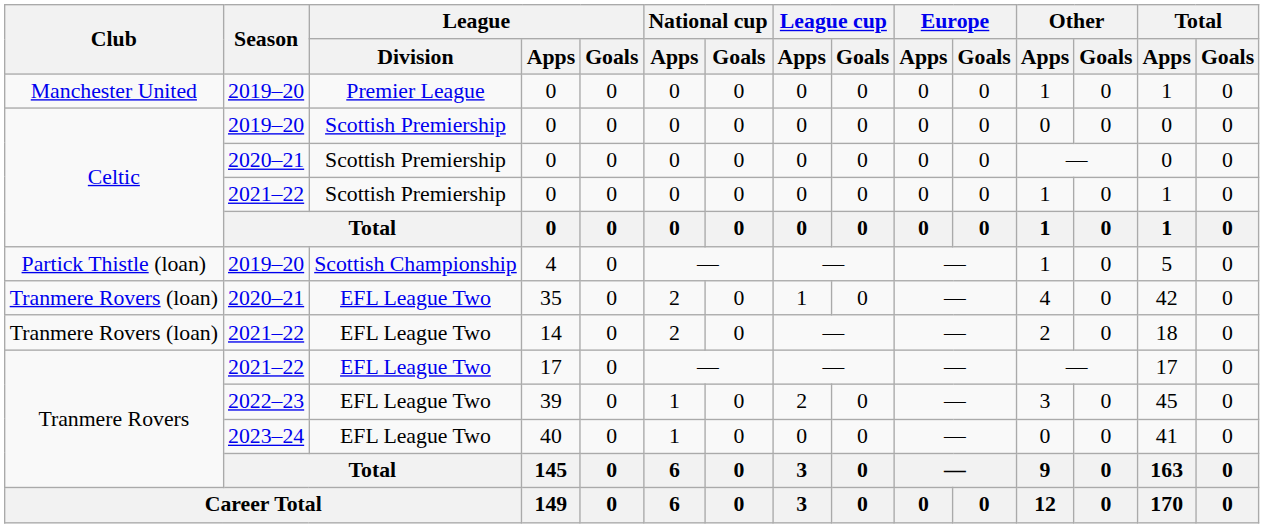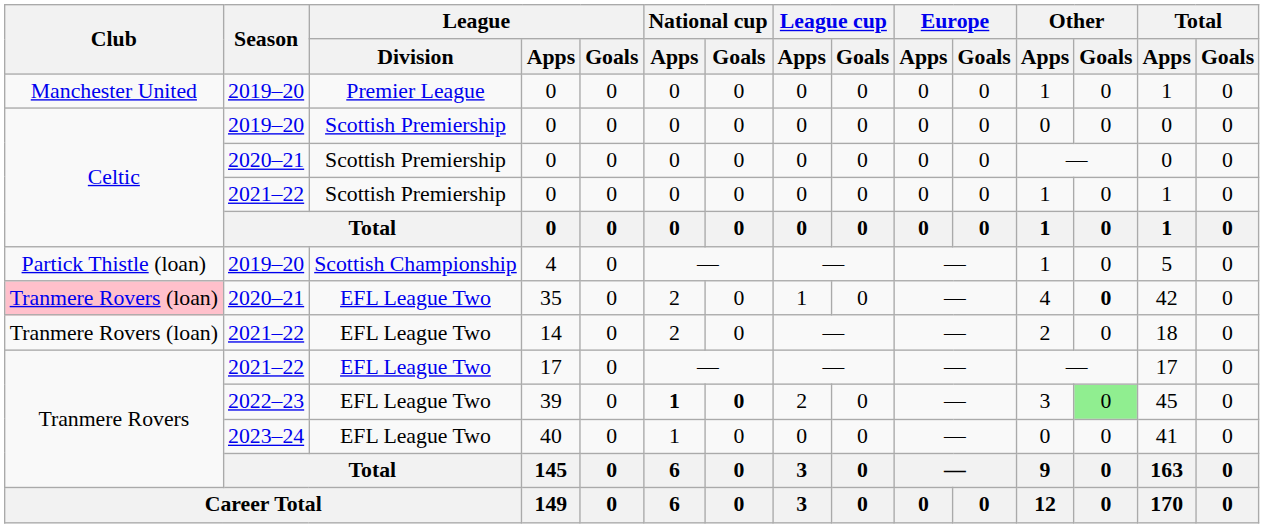 <table class="wikitable" style="text-align:center">
 <tr>
 <th rowspan="2">Club</th>
 <th rowspan="2">Season</th>
 <th colspan="3">League</th>
 <th colspan="2">National cup</th>
 <th colspan="2"><a href='#'>League cup</a></th>
 <th colspan="2"><a href='#'>Europe</a></th>
 <th colspan="2">Other</th>
 <th colspan="2">Total</th>
 </tr>
 <tr>
 <th>Division</th>
 <th>Apps</th>
 <th>Goals</th>
 <th>Apps</th>
 <th>Goals</th>
 <th>Apps</th>
 <th>Goals</th>
 <th>Apps</th>
 <th>Goals</th>
 <th>Apps</th>
 <th>Goals</th>
 <th>Apps</th>
 <th>Goals</th>
 </tr>
 <tr>
 <td><a href='#'>Manchester United</a></td>
 <td><a href='#'>2019–20</a></td>
 <td><a href='#'>Premier League</a></td>
 <td>0</td>
 <td>0</td>
 <td>0</td>
 <td>0</td>
 <td>0</td>
 <td>0</td>
 <td>0</td>
 <td>0</td>
 <td>1</td>
 <td>0</td>
 <td>1</td>
 <td>0</td>
 </tr>
 <tr>
 <td rowspan="4"><a href='#'>Celtic</a></td>
 <td><a href='#'>2019–20</a></td>
 <td><a href='#'>Scottish Premiership</a></td>
 <td>0</td>
 <td>0</td>
 <td>0</td>
 <td>0</td>
 <td>0</td>
 <td>0</td>
 <td>0</td>
 <td>0</td>
 <td>0</td>
 <td>0</td>
 <td>0</td>
 <td>0</td>
 </tr>
 <tr>
 <td><a href='#'>2020–21</a></td>
 <td>Scottish Premiership</td>
 <td>0</td>
 <td>0</td>
 <td>0</td>
 <td>0</td>
 <td>0</td>
 <td>0</td>
 <td>0</td>
 <td>0</td>
 <td colspan="2">—</td>
 <td>0</td>
 <td>0</td>
 </tr>
 <tr>
 <td><a href='#'>2021–22</a></td>
 <td>Scottish Premiership</td>
 <td>0</td>
 <td>0</td>
 <td>0</td>
 <td>0</td>
 <td>0</td>
 <td>0</td>
 <td>0</td>
 <td>0</td>
 <td>1</td>
 <td>0</td>
 <td>1</td>
 <td>0</td>
 </tr>
 <tr>
 <th colspan="2">Total</th>
 <th>0</th>
 <th>0</th>
 <th>0</th>
 <th>0</th>
 <th>0</th>
 <th>0</th>
 <th>0</th>
 <th>0</th>
 <th>1</th>
 <th>0</th>
 <th>1</th>
 <th>0</th>
 </tr>
 <tr>
 <td><a href='#'>Partick Thistle</a> (loan)</td>
 <td><a href='#'>2019–20</a></td>
 <td><a href='#'>Scottish Championship</a></td>
 <td>4</td>
 <td>0</td>
 <td colspan="2">—</td>
 <td colspan="2">—</td>
 <td colspan="2">—</td>
 <td>1</td>
 <td>0</td>
 <td>5</td>
 <td>0</td>
 </tr>
 <tr>
-<td><a href='#'>Tranmere Rovers</a> (loan)</td>
+<td style="background: pink;"><a href='#'>Tranmere Rovers</a> (loan)</td>
 <td><a href='#'>2020–21</a></td>
 <td><a href='#'>EFL League Two</a></td>
 <td>35</td>
 <td>0</td>
 <td>2</td>
 <td>0</td>
 <td>1</td>
 <td>0</td>
 <td colspan="2">—</td>
 <td>4</td>
-<td>0</td>
+<td><strong>0</strong></td>
 <td>42</td>
 <td>0</td>
 </tr>
 <tr>
 <td>Tranmere Rovers (loan)</td>
 <td><a href='#'>2021–22</a></td>
 <td>EFL League Two</td>
 <td>14</td>
 <td>0</td>
 <td>2</td>
 <td>0</td>
 <td colspan="2">—</td>
 <td colspan="2">—</td>
 <td>2</td>
 <td>0</td>
 <td>18</td>
 <td>0</td>
 </tr>
 <tr>
 <td rowspan="4">Tranmere Rovers</td>
 <td><a href='#'>2021–22</a></td>
 <td><a href='#'>EFL League Two</a></td>
 <td>17</td>
 <td>0</td>
 <td colspan="2">—</td>
 <td colspan="2">—</td>
 <td colspan="2">—</td>
 <td colspan="2">—</td>
 <td>17</td>
 <td>0</td>
 </tr>
 <tr>
 <td><a href='#'>2022–23</a></td>
 <td>EFL League Two</td>
 <td>39</td>
 <td>0</td>
-<td>1</td>
-<td>0</td>
+<td><strong>1</strong></td>
+<td><strong>0</strong></td>
 <td>2</td>
 <td>0</td>
 <td colspan="2">—</td>
 <td>3</td>
-<td>0</td>
+<td style="background: lightgreen;">0</td>
 <td>45</td>
 <td>0</td>
 </tr>
 <tr>
 <td><a href='#'>2023–24</a></td>
 <td>EFL League Two</td>
 <td>40</td>
 <td>0</td>
 <td>1</td>
 <td>0</td>
 <td>0</td>
 <td>0</td>
 <td colspan="2">—</td>
 <td>0</td>
 <td>0</td>
 <td>41</td>
 <td>0</td>
 </tr>
 <tr>
 <th colspan="2">Total</th>
 <th>145</th>
 <th>0</th>
 <th>6</th>
 <th>0</th>
 <th>3</th>
 <th>0</th>
 <th colspan="2">—</th>
 <th>9</th>
 <th>0</th>
 <th>163</th>
 <th>0</th>
 </tr>
 <tr>
 <th colspan="3">Career Total</th>
 <th>149</th>
 <th>0</th>
 <th>6</th>
 <th>0</th>
 <th>3</th>
 <th>0</th>
 <th>0</th>
 <th>0</th>
 <th>12</th>
 <th>0</th>
 <th>170</th>
 <th>0</th>
 </tr>
 </table>
